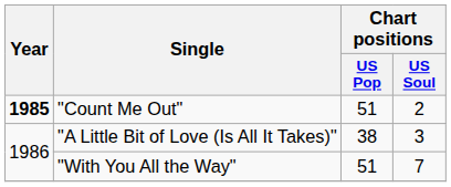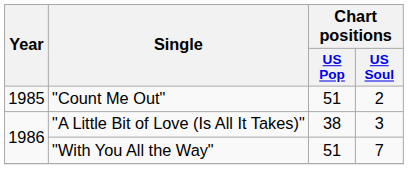 <table class="wikitable" style="text-align:center;">
 <tr>
 <th rowspan="2">Year</th>
 <th rowspan="2">Single</th>
 <th colspan="3">Chart positions</th>
 </tr>
 <tr style="font-size:smaller;">
 <th width="40"><a href='#'>US<br>Pop</a></th>
 <th width="40"><a href='#'>US<br>Soul</a></th>
 </tr>
 <tr>
-<td rowspan="1"><strong>1985</strong></td>
+<td rowspan="1">1985</td>
 <td align="left">"Count Me Out"</td>
 <td>51</td>
 <td>2</td>
 </tr>
 <tr>
 <td rowspan="2">1986</td>
 <td align="left">"A Little Bit of Love (Is All It Takes)"</td>
 <td>38</td>
 <td>3</td>
 </tr>
 <tr>
 <td align="left">"With You All the Way"</td>
 <td>51</td>
 <td>7</td>
 </tr>
 <tr>
 </tr>
 </table>
